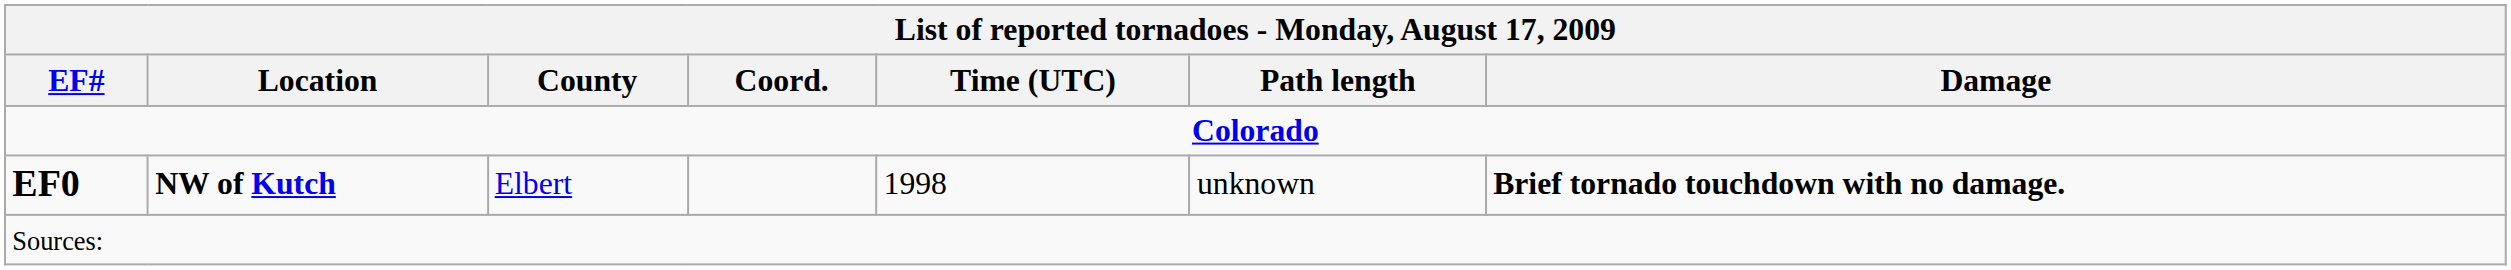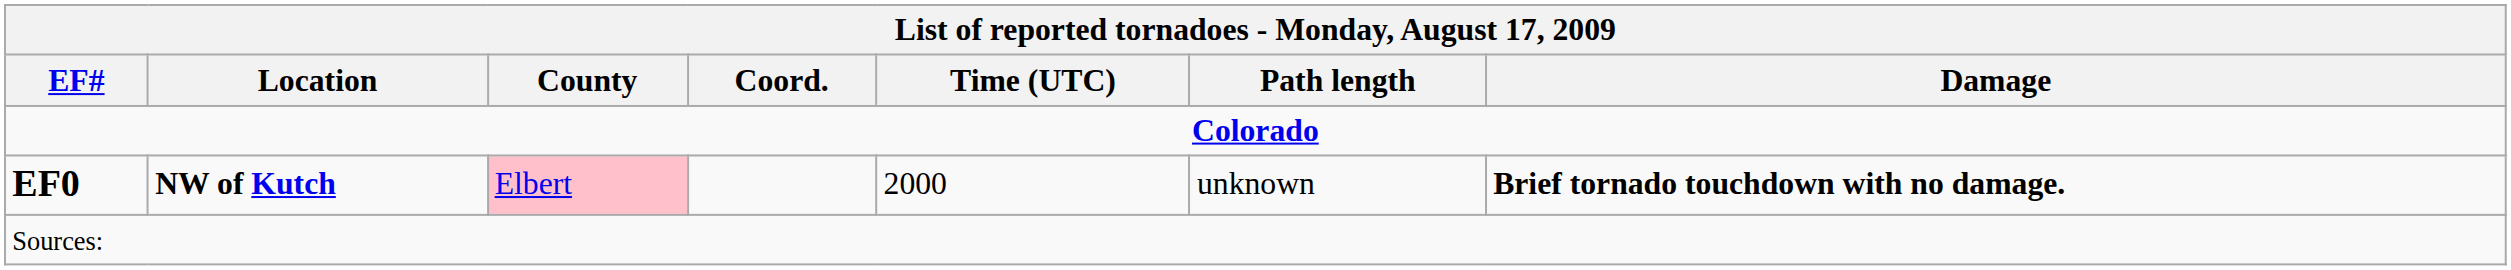 <table class="wikitable collapsible" style="width:100%;">
 <tr>
 <th colspan="7">List of reported tornadoes - Monday, August 17, 2009</th>
 </tr>
 <tr>
 <th><a href='#'>EF#</a></th>
 <th>Location</th>
 <th>County</th>
 <th>Coord.</th>
 <th>Time (UTC)</th>
 <th>Path length</th>
 <th>Damage</th>
 </tr>
 <tr>
 <td colspan="7" style="text-align:center;"><strong><a href='#'>Colorado</a></strong></td>
 </tr>
 <tr>
 <td><big><strong>EF0</strong></big></td>
 <td><strong>NW of <a href='#'>Kutch</a></strong></td>
-<td><a href='#'>Elbert</a></td>
+<td style="background: pink;"><a href='#'>Elbert</a></td>
 <td></td>
-<td>1998</td>
+<td>2000</td>
 <td>unknown</td>
 <td><strong>Brief tornado touchdown with no damage.</strong></td>
 </tr>
 <tr>
 <td colspan="7"><small>Sources: </small></td>
 </tr>
 </table>
